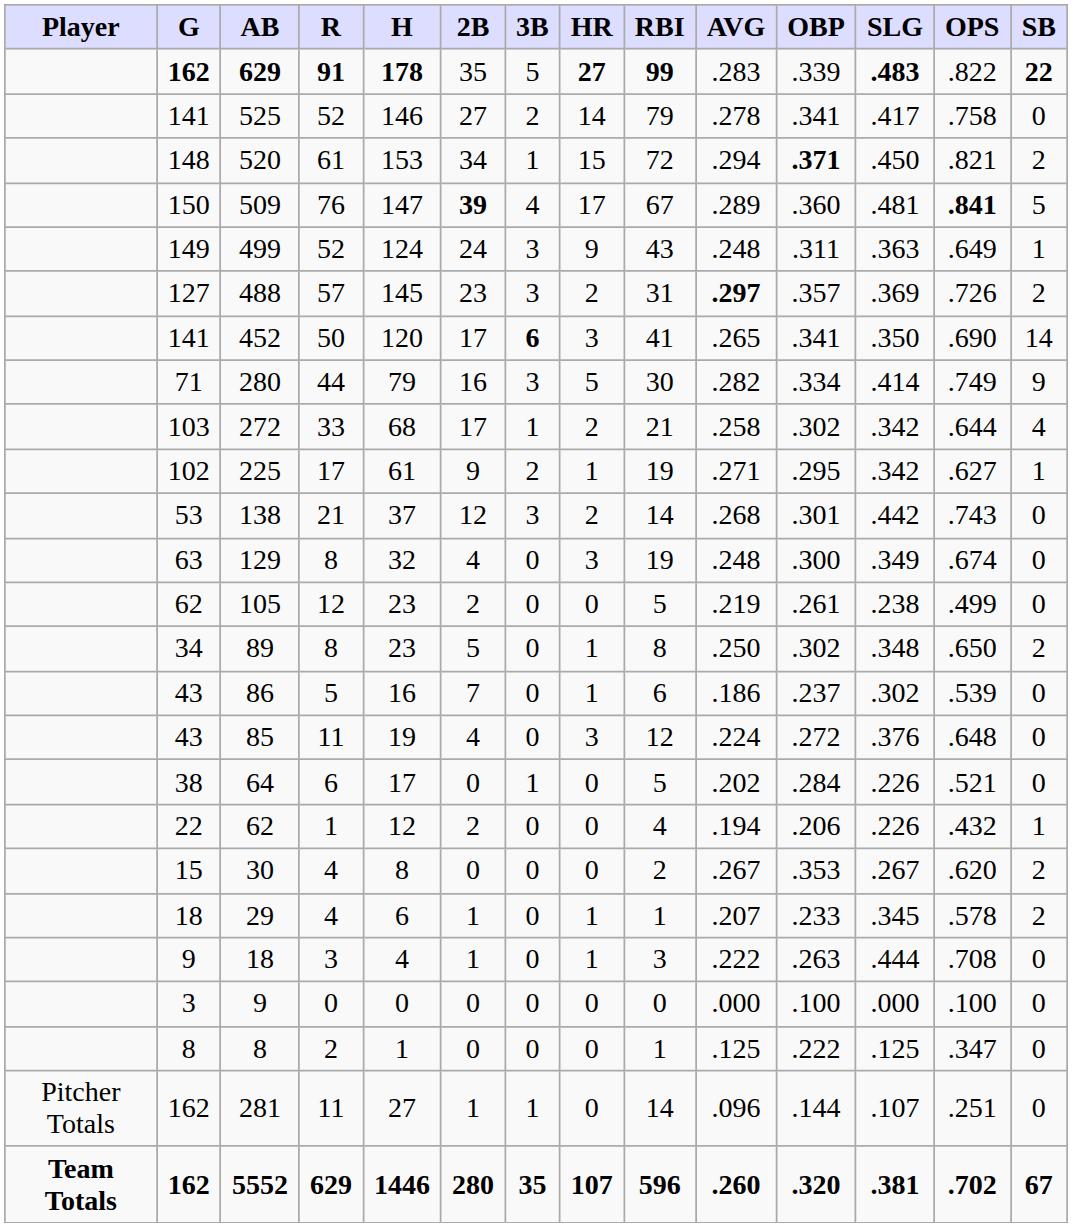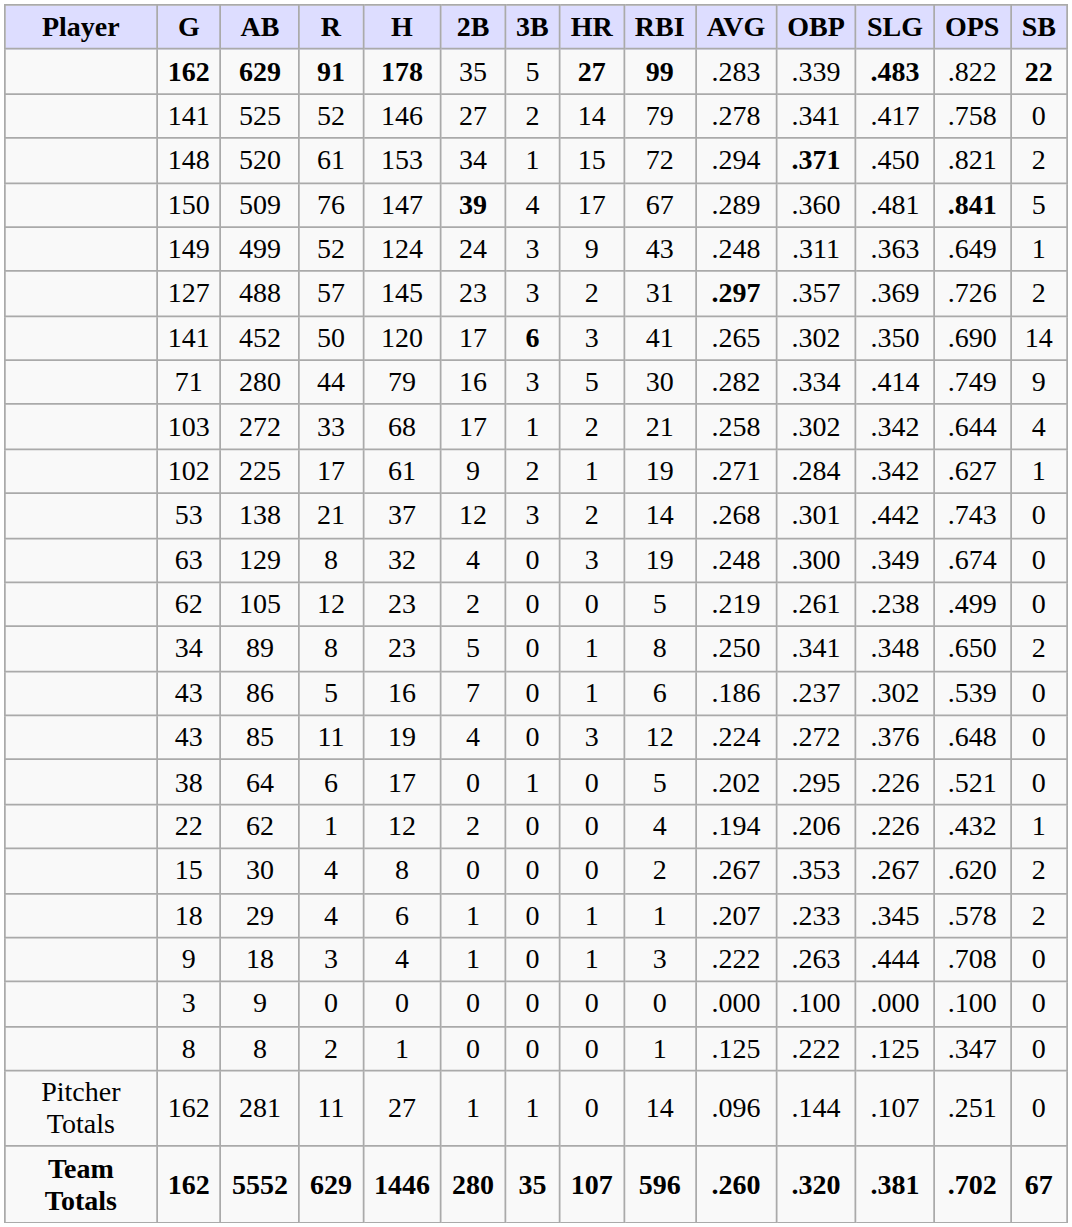 <table class="wikitable sortable" style="text-align:center; border:1px; cellpadding:2; cellspacing:0;">
 <tr>
 <th style="background:#ddf; width:10%;">Player</th>
 <th style="background:#ddf; width:2%;">G</th>
 <th style="background:#ddf; width:2%;">AB</th>
 <th style="background:#ddf; width:2%;">R</th>
 <th style="background:#ddf; width:2%;">H</th>
 <th style="background:#ddf; width:2%;">2B</th>
 <th style="background:#ddf; width:2%;">3B</th>
 <th style="background:#ddf; width:2%;">HR</th>
 <th style="background:#ddf; width:2%;">RBI</th>
 <th style="background:#ddf; width:2%;">AVG</th>
 <th style="background:#ddf; width:2%;">OBP</th>
 <th style="background:#ddf; width:2%;">SLG</th>
 <th style="background:#ddf; width:2%;">OPS</th>
 <th style="background:#ddf; width:2%;">SB</th>
 </tr>
 <tr>
 <td></td>
 <td><strong>162</strong></td>
 <td><strong>629</strong></td>
 <td><strong>91</strong></td>
 <td><strong>178</strong></td>
 <td>35</td>
 <td>5</td>
 <td><strong>27</strong></td>
 <td><strong>99</strong></td>
 <td>.283</td>
 <td>.339</td>
 <td><strong>.483</strong></td>
 <td>.822</td>
 <td><strong>22</strong></td>
 </tr>
 <tr>
 <td></td>
 <td>141</td>
 <td>525</td>
 <td>52</td>
 <td>146</td>
 <td>27</td>
 <td>2</td>
 <td>14</td>
 <td>79</td>
 <td>.278</td>
 <td>.341</td>
 <td>.417</td>
 <td>.758</td>
 <td>0</td>
 </tr>
 <tr>
 <td></td>
 <td>148</td>
 <td>520</td>
 <td>61</td>
 <td>153</td>
 <td>34</td>
 <td>1</td>
 <td>15</td>
 <td>72</td>
 <td>.294</td>
 <td><strong>.371</strong></td>
 <td>.450</td>
 <td>.821</td>
 <td>2</td>
 </tr>
 <tr>
 <td></td>
 <td>150</td>
 <td>509</td>
 <td>76</td>
 <td>147</td>
 <td><strong>39</strong></td>
 <td>4</td>
 <td>17</td>
 <td>67</td>
 <td>.289</td>
 <td>.360</td>
 <td>.481</td>
 <td><strong>.841</strong></td>
 <td>5</td>
 </tr>
 <tr>
 <td></td>
 <td>149</td>
 <td>499</td>
 <td>52</td>
 <td>124</td>
 <td>24</td>
 <td>3</td>
 <td>9</td>
 <td>43</td>
 <td>.248</td>
 <td>.311</td>
 <td>.363</td>
 <td>.649</td>
 <td>1</td>
 </tr>
 <tr>
 <td></td>
 <td>127</td>
 <td>488</td>
 <td>57</td>
 <td>145</td>
 <td>23</td>
 <td>3</td>
 <td>2</td>
 <td>31</td>
 <td><strong>.297</strong></td>
 <td>.357</td>
 <td>.369</td>
 <td>.726</td>
 <td>2</td>
 </tr>
 <tr>
 <td></td>
 <td>141</td>
 <td>452</td>
 <td>50</td>
 <td>120</td>
 <td>17</td>
 <td><strong>6</strong></td>
 <td>3</td>
 <td>41</td>
 <td>.265</td>
-<td>.341</td>
+<td>.302</td>
 <td>.350</td>
 <td>.690</td>
 <td>14</td>
 </tr>
 <tr>
 <td></td>
 <td>71</td>
 <td>280</td>
 <td>44</td>
 <td>79</td>
 <td>16</td>
 <td>3</td>
 <td>5</td>
 <td>30</td>
 <td>.282</td>
 <td>.334</td>
 <td>.414</td>
 <td>.749</td>
 <td>9</td>
 </tr>
 <tr>
 <td></td>
 <td>103</td>
 <td>272</td>
 <td>33</td>
 <td>68</td>
 <td>17</td>
 <td>1</td>
 <td>2</td>
 <td>21</td>
 <td>.258</td>
 <td>.302</td>
 <td>.342</td>
 <td>.644</td>
 <td>4</td>
 </tr>
 <tr>
 <td></td>
 <td>102</td>
 <td>225</td>
 <td>17</td>
 <td>61</td>
 <td>9</td>
 <td>2</td>
 <td>1</td>
 <td>19</td>
 <td>.271</td>
-<td>.295</td>
+<td>.284</td>
 <td>.342</td>
 <td>.627</td>
 <td>1</td>
 </tr>
 <tr>
 <td></td>
 <td>53</td>
 <td>138</td>
 <td>21</td>
 <td>37</td>
 <td>12</td>
 <td>3</td>
 <td>2</td>
 <td>14</td>
 <td>.268</td>
 <td>.301</td>
 <td>.442</td>
 <td>.743</td>
 <td>0</td>
 </tr>
 <tr>
 <td></td>
 <td>63</td>
 <td>129</td>
 <td>8</td>
 <td>32</td>
 <td>4</td>
 <td>0</td>
 <td>3</td>
 <td>19</td>
 <td>.248</td>
 <td>.300</td>
 <td>.349</td>
 <td>.674</td>
 <td>0</td>
 </tr>
 <tr>
 <td></td>
 <td>62</td>
 <td>105</td>
 <td>12</td>
 <td>23</td>
 <td>2</td>
 <td>0</td>
 <td>0</td>
 <td>5</td>
 <td>.219</td>
 <td>.261</td>
 <td>.238</td>
 <td>.499</td>
 <td>0</td>
 </tr>
 <tr>
 <td></td>
 <td>34</td>
 <td>89</td>
 <td>8</td>
 <td>23</td>
 <td>5</td>
 <td>0</td>
 <td>1</td>
 <td>8</td>
 <td>.250</td>
-<td>.302</td>
+<td>.341</td>
 <td>.348</td>
 <td>.650</td>
 <td>2</td>
 </tr>
 <tr>
 <td></td>
 <td>43</td>
 <td>86</td>
 <td>5</td>
 <td>16</td>
 <td>7</td>
 <td>0</td>
 <td>1</td>
 <td>6</td>
 <td>.186</td>
 <td>.237</td>
 <td>.302</td>
 <td>.539</td>
 <td>0</td>
 </tr>
 <tr>
 <td></td>
 <td>43</td>
 <td>85</td>
 <td>11</td>
 <td>19</td>
 <td>4</td>
 <td>0</td>
 <td>3</td>
 <td>12</td>
 <td>.224</td>
 <td>.272</td>
 <td>.376</td>
 <td>.648</td>
 <td>0</td>
 </tr>
 <tr>
 <td></td>
 <td>38</td>
 <td>64</td>
 <td>6</td>
 <td>17</td>
 <td>0</td>
 <td>1</td>
 <td>0</td>
 <td>5</td>
 <td>.202</td>
-<td>.284</td>
+<td>.295</td>
 <td>.226</td>
 <td>.521</td>
 <td>0</td>
 </tr>
 <tr>
 <td></td>
 <td>22</td>
 <td>62</td>
 <td>1</td>
 <td>12</td>
 <td>2</td>
 <td>0</td>
 <td>0</td>
 <td>4</td>
 <td>.194</td>
 <td>.206</td>
 <td>.226</td>
 <td>.432</td>
 <td>1</td>
 </tr>
 <tr>
 <td></td>
 <td>15</td>
 <td>30</td>
 <td>4</td>
 <td>8</td>
 <td>0</td>
 <td>0</td>
 <td>0</td>
 <td>2</td>
 <td>.267</td>
 <td>.353</td>
 <td>.267</td>
 <td>.620</td>
 <td>2</td>
 </tr>
 <tr>
 <td></td>
 <td>18</td>
 <td>29</td>
 <td>4</td>
 <td>6</td>
 <td>1</td>
 <td>0</td>
 <td>1</td>
 <td>1</td>
 <td>.207</td>
 <td>.233</td>
 <td>.345</td>
 <td>.578</td>
 <td>2</td>
 </tr>
 <tr>
 <td></td>
 <td>9</td>
 <td>18</td>
 <td>3</td>
 <td>4</td>
 <td>1</td>
 <td>0</td>
 <td>1</td>
 <td>3</td>
 <td>.222</td>
 <td>.263</td>
 <td>.444</td>
 <td>.708</td>
 <td>0</td>
 </tr>
 <tr>
 <td></td>
 <td>3</td>
 <td>9</td>
 <td>0</td>
 <td>0</td>
 <td>0</td>
 <td>0</td>
 <td>0</td>
 <td>0</td>
 <td>.000</td>
 <td>.100</td>
 <td>.000</td>
 <td>.100</td>
 <td>0</td>
 </tr>
 <tr>
 <td></td>
 <td>8</td>
 <td>8</td>
 <td>2</td>
 <td>1</td>
 <td>0</td>
 <td>0</td>
 <td>0</td>
 <td>1</td>
 <td>.125</td>
 <td>.222</td>
 <td>.125</td>
 <td>.347</td>
 <td>0</td>
 </tr>
 <tr>
 <td>Pitcher Totals</td>
 <td>162</td>
 <td>281</td>
 <td>11</td>
 <td>27</td>
 <td>1</td>
 <td>1</td>
 <td>0</td>
 <td>14</td>
 <td>.096</td>
 <td>.144</td>
 <td>.107</td>
 <td>.251</td>
 <td>0</td>
 </tr>
 <tr>
 <td><strong>Team Totals</strong></td>
 <td><strong>162</strong></td>
 <td><strong>5552</strong></td>
 <td><strong>629</strong></td>
 <td><strong>1446</strong></td>
 <td><strong>280</strong></td>
 <td><strong>35</strong></td>
 <td><strong>107</strong></td>
 <td><strong>596</strong></td>
 <td><strong>.260</strong></td>
 <td><strong>.320</strong></td>
 <td><strong>.381</strong></td>
 <td><strong>.702</strong></td>
 <td><strong>67</strong></td>
 </tr>
 </table>
